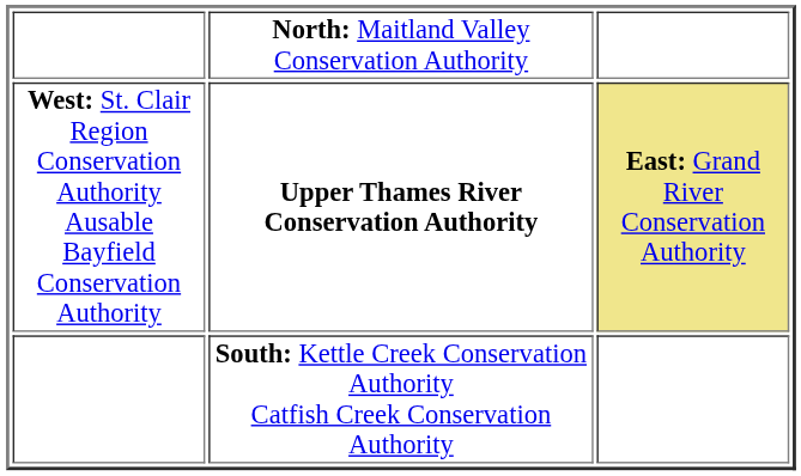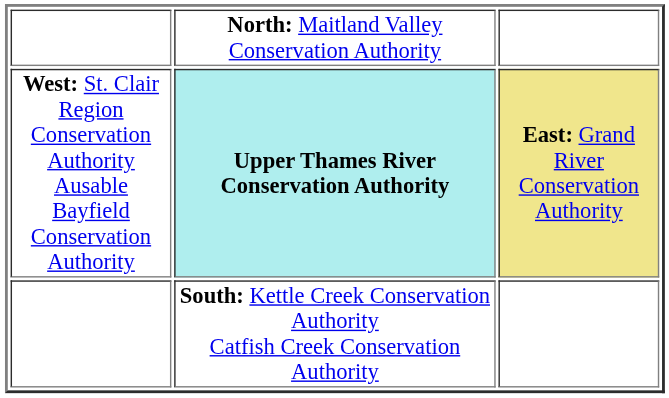 <table width="75%" border="2" align="center">
 <tr ---->
 <td width="25%" align="center"></td>
 <td width="50%" align="center"><strong>North:</strong> <a href='#'>Maitland Valley Conservation Authority</a></td>
 <td width="25%" align="center"></td>
 </tr>
 <tr ---->
 <td align="center"><strong>West:</strong> <a href='#'>St. Clair Region Conservation Authority</a><br><a href='#'>Ausable Bayfield Conservation Authority</a></td>
-<td align="center"><strong>Upper Thames River Conservation Authority</strong></td>
+<td align="center" style="background: paleturquoise;"><strong>Upper Thames River Conservation Authority</strong></td>
 <td align="center" style="background: khaki;"><strong>East:</strong> <a href='#'>Grand River Conservation Authority</a></td>
 </tr>
 <tr ---->
 <td align="center"></td>
 <td align="center"><strong>South:</strong> <a href='#'>Kettle Creek Conservation Authority</a><br><a href='#'>Catfish Creek Conservation Authority</a></td>
 <td align="center"></td>
 </tr>
 </table>
